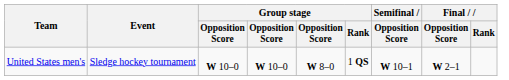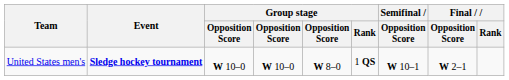 <table class=wikitable style=font-size:90%;text-align:center>
 <tr>
 <th rowspan=2>Team</th>
 <th rowspan=2>Event</th>
 <th colspan=4>Group stage</th>
 <th>Semifinal / </th>
 <th colspan=2>Final /  / </th>
 </tr>
 <tr style=font-size:95%>
 <th>Opposition<br>Score</th>
 <th>Opposition<br>Score</th>
 <th>Opposition<br>Score</th>
 <th>Rank</th>
 <th>Opposition<br>Score</th>
 <th>Opposition<br>Score</th>
 <th>Rank</th>
 </tr>
 <tr>
 <td align=left><a href='#'>United States men's</a></td>
-<td align=left><a href='#'>Sledge hockey tournament</a></td>
+<td align=left><strong><a href='#'>Sledge hockey tournament</a></strong></td>
 <td><br><strong>W</strong> 10–0</td>
 <td><br><strong>W</strong> 10–0</td>
 <td><br><strong>W</strong> 8–0</td>
 <td>1 <strong>QS</strong></td>
 <td><br><strong>W</strong> 10–1</td>
 <td><br><strong>W</strong> 2–1</td>
 <td></td>
 </tr>
 </table>
